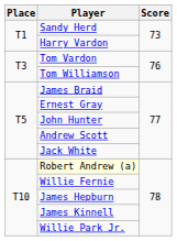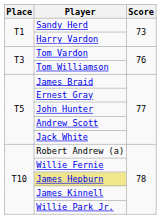 <table class="wikitable">
 <tr>
 <th>Place</th>
 <th>Player</th>
 <th>Score</th>
 </tr>
 <tr>
 <td rowspan=2 align=center>T1</td>
 <td> <a href='#'>Sandy Herd</a></td>
 <td rowspan=2 align=center>73</td>
 </tr>
 <tr>
 <td> <a href='#'>Harry Vardon</a></td>
 </tr>
 <tr>
 <td rowspan=2 align=center>T3</td>
 <td> <a href='#'>Tom Vardon</a></td>
 <td rowspan=2 align=center>76</td>
 </tr>
 <tr>
 <td> <a href='#'>Tom Williamson</a></td>
 </tr>
 <tr>
 <td rowspan=5 align=center>T5</td>
 <td> <a href='#'>James Braid</a></td>
 <td rowspan=5 align=center>77</td>
 </tr>
 <tr>
 <td> <a href='#'>Ernest Gray</a></td>
 </tr>
 <tr>
 <td> <a href='#'>John Hunter</a></td>
 </tr>
 <tr>
 <td> <a href='#'>Andrew Scott</a></td>
 </tr>
 <tr>
 <td> <a href='#'>Jack White</a></td>
 </tr>
 <tr>
 <td rowspan=5 align=center>T10</td>
-<td style="background: lightyellow;"> Robert Andrew (a)</td>
+<td> Robert Andrew (a)</td>
 <td rowspan=5 align=center>78</td>
 </tr>
 <tr>
 <td> <a href='#'>Willie Fernie</a></td>
 </tr>
 <tr>
-<td> <a href='#'>James Hepburn</a></td>
+<td style="background: khaki;"> <a href='#'>James Hepburn</a></td>
 </tr>
 <tr>
 <td> <a href='#'>James Kinnell</a></td>
 </tr>
 <tr>
 <td> <a href='#'>Willie Park Jr.</a></td>
 </tr>
 </table>
